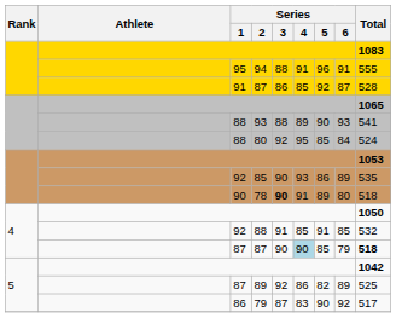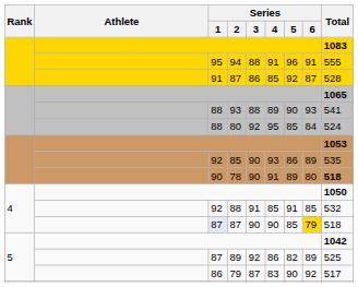 <table class="wikitable" style="font-size:95%" style="width:35em;" style="text-align:center">
 <tr>
 <th rowspan=2>Rank</th>
 <th rowspan=2 width=250>Athlete</th>
 <th colspan=6 width=160>Series</th>
 <th rowspan=2 width=40>Total</th>
 </tr>
 <tr>
 <th>1</th>
 <th>2</th>
 <th>3</th>
 <th>4</th>
 <th>5</th>
 <th>6</th>
 </tr>
 <tr bgcolor=gold>
 <td rowspan=3></td>
 <td colspan=7 align=left></td>
 <td><strong>1083</strong></td>
 </tr>
 <tr bgcolor=gold>
 <td align=left></td>
 <td>95</td>
 <td>94</td>
 <td>88</td>
 <td>91</td>
 <td>96</td>
 <td>91</td>
 <td>555</td>
 </tr>
 <tr bgcolor=gold>
 <td align=left></td>
 <td>91</td>
 <td>87</td>
 <td>86</td>
 <td>85</td>
 <td>92</td>
 <td>87</td>
 <td>528</td>
 </tr>
 <tr bgcolor=silver>
 <td rowspan=3></td>
 <td colspan=7 align=left></td>
 <td><strong>1065</strong></td>
 </tr>
 <tr bgcolor=silver>
 <td align=left></td>
 <td>88</td>
 <td>93</td>
 <td>88</td>
 <td>89</td>
 <td>90</td>
 <td>93</td>
 <td>541</td>
 </tr>
 <tr bgcolor=silver>
 <td align=left></td>
 <td>88</td>
 <td>80</td>
 <td>92</td>
 <td>95</td>
 <td>85</td>
 <td>84</td>
 <td>524</td>
 </tr>
 <tr bgcolor=cc9966>
 <td rowspan=3></td>
 <td colspan=7 align=left></td>
 <td><strong>1053</strong></td>
 </tr>
 <tr bgcolor=cc9966>
 <td align=left></td>
 <td>92</td>
 <td>85</td>
 <td>90</td>
 <td>93</td>
 <td>86</td>
 <td>89</td>
 <td>535</td>
 </tr>
 <tr bgcolor=cc9966>
 <td align=left></td>
 <td>90</td>
 <td>78</td>
-<td><strong>90</strong></td>
+<td>90</td>
 <td>91</td>
 <td>89</td>
 <td>80</td>
-<td>518</td>
+<td><strong>518</strong></td>
 </tr>
 <tr>
 <td rowspan=3>4</td>
 <td colspan=7 align=left></td>
 <td><strong>1050</strong></td>
 </tr>
 <tr>
 <td align=left></td>
 <td>92</td>
 <td>88</td>
 <td>91</td>
 <td>85</td>
 <td>91</td>
 <td>85</td>
 <td>532</td>
 </tr>
 <tr>
 <td align=left></td>
-<td>87</td>
+<td style="background: lavender;">87</td>
 <td>87</td>
 <td>90</td>
-<td style="background: lightblue;">90</td>
+<td>90</td>
 <td>85</td>
-<td>79</td>
-<td><strong>518</strong></td>
+<td style="background: gold;">79</td>
+<td>518</td>
 </tr>
 <tr>
 <td rowspan=3>5</td>
 <td colspan=7 align=left></td>
 <td><strong>1042</strong></td>
 </tr>
 <tr>
 <td align=left></td>
 <td>87</td>
 <td>89</td>
 <td>92</td>
 <td>86</td>
 <td>82</td>
 <td>89</td>
 <td>525</td>
 </tr>
 <tr>
 <td align=left></td>
 <td>86</td>
 <td>79</td>
 <td>87</td>
 <td>83</td>
 <td>90</td>
 <td>92</td>
 <td>517</td>
 </tr>
 <tr>
 </tr>
 </table>
